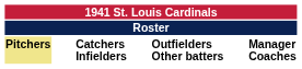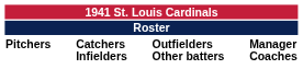 <table class="toccolours" style="font-size: 95%;">
 <tr>
 <th colspan="10" style="background-color: #c41e3a; color: white; text-align: center;">1941 St. Louis Cardinals</th>
 </tr>
 <tr>
 <td colspan="10" style="background-color: #0a2252; color: white; text-align: center;"><strong>Roster</strong></td>
 </tr>
 <tr>
-<td valign="top" style="background: khaki;"><strong>Pitchers</strong><br>               </td>
+<td valign="top"><strong>Pitchers</strong><br>               </td>
 <td width="25px"></td>
 <td valign="top"><strong>Catchers</strong><br>   <strong>Infielders</strong>       </td>
 <td width="25px"></td>
 <td valign="top"><strong>Outfielders</strong><br>           <strong>Other batters</strong> </td>
 <td width="25px"></td>
 <td valign="top"><strong>Manager</strong><br> <strong>Coaches</strong>  </td>
 </tr>
 </table>
